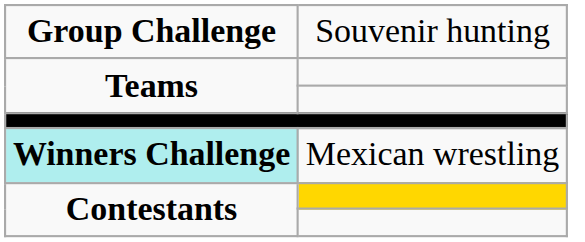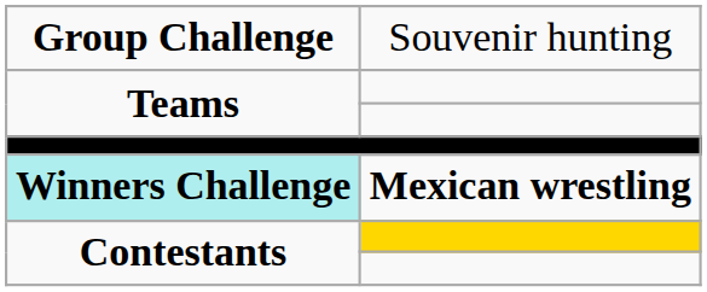 <table class="wikitable" style="text-align:center;">
 <tr>
 <td><strong>Group Challenge</strong></td>
 <td>Souvenir hunting</td>
 </tr>
 <tr>
 <td rowspan="2"><strong>Teams</strong></td>
 <td></td>
 </tr>
 <tr>
 <td></td>
 </tr>
 <tr>
 <td colspan="2" style="background:black;"></td>
 </tr>
 <tr>
 <td style="background: paleturquoise;"><strong>Winners Challenge</strong></td>
-<td>Mexican wrestling</td>
+<td><strong>Mexican wrestling</strong></td>
 </tr>
 <tr>
 <td rowspan="2"><strong>Contestants</strong></td>
 <td style="background:gold;"></td>
 </tr>
 <tr>
 <td></td>
 </tr>
 </table>
